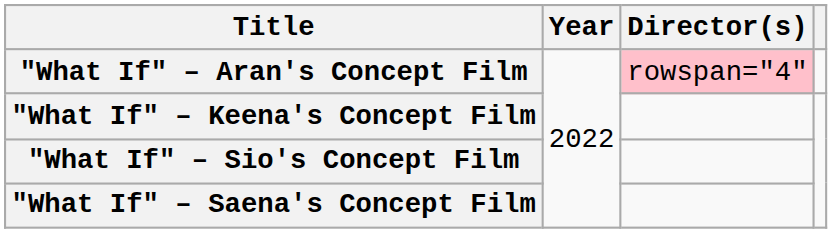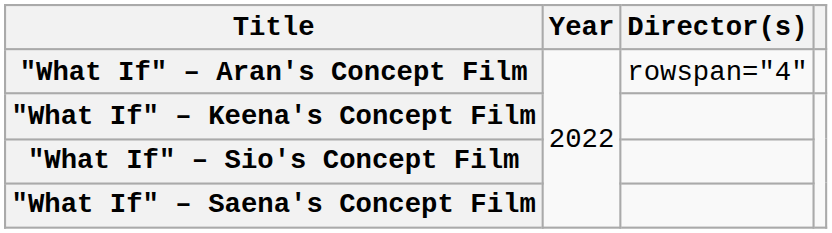 <table class="wikitable plainrowheaders" style="text-align:center">
 <tr>
 <th scope="col">Title</th>
 <th scope="col">Year</th>
 <th scope="col">Director(s)</th>
 <th scope="col"></th>
 </tr>
 <tr>
 <th scope="row">"What If" – Aran's Concept Film</th>
 <td rowspan="4">2022</td>
-<td style="background: pink;">rowspan="4" </td>
+<td>rowspan="4" </td>
 <td></td>
 </tr>
 <tr>
 <th scope="row">"What If" – Keena's Concept Film</th>
 <td></td>
 </tr>
 <tr>
 <th scope="row">"What If" – Sio's Concept Film</th>
 <td></td>
 </tr>
 <tr>
 <th scope="row">"What If" – Saena's Concept Film</th>
 <td></td>
 </tr>
 </table>
